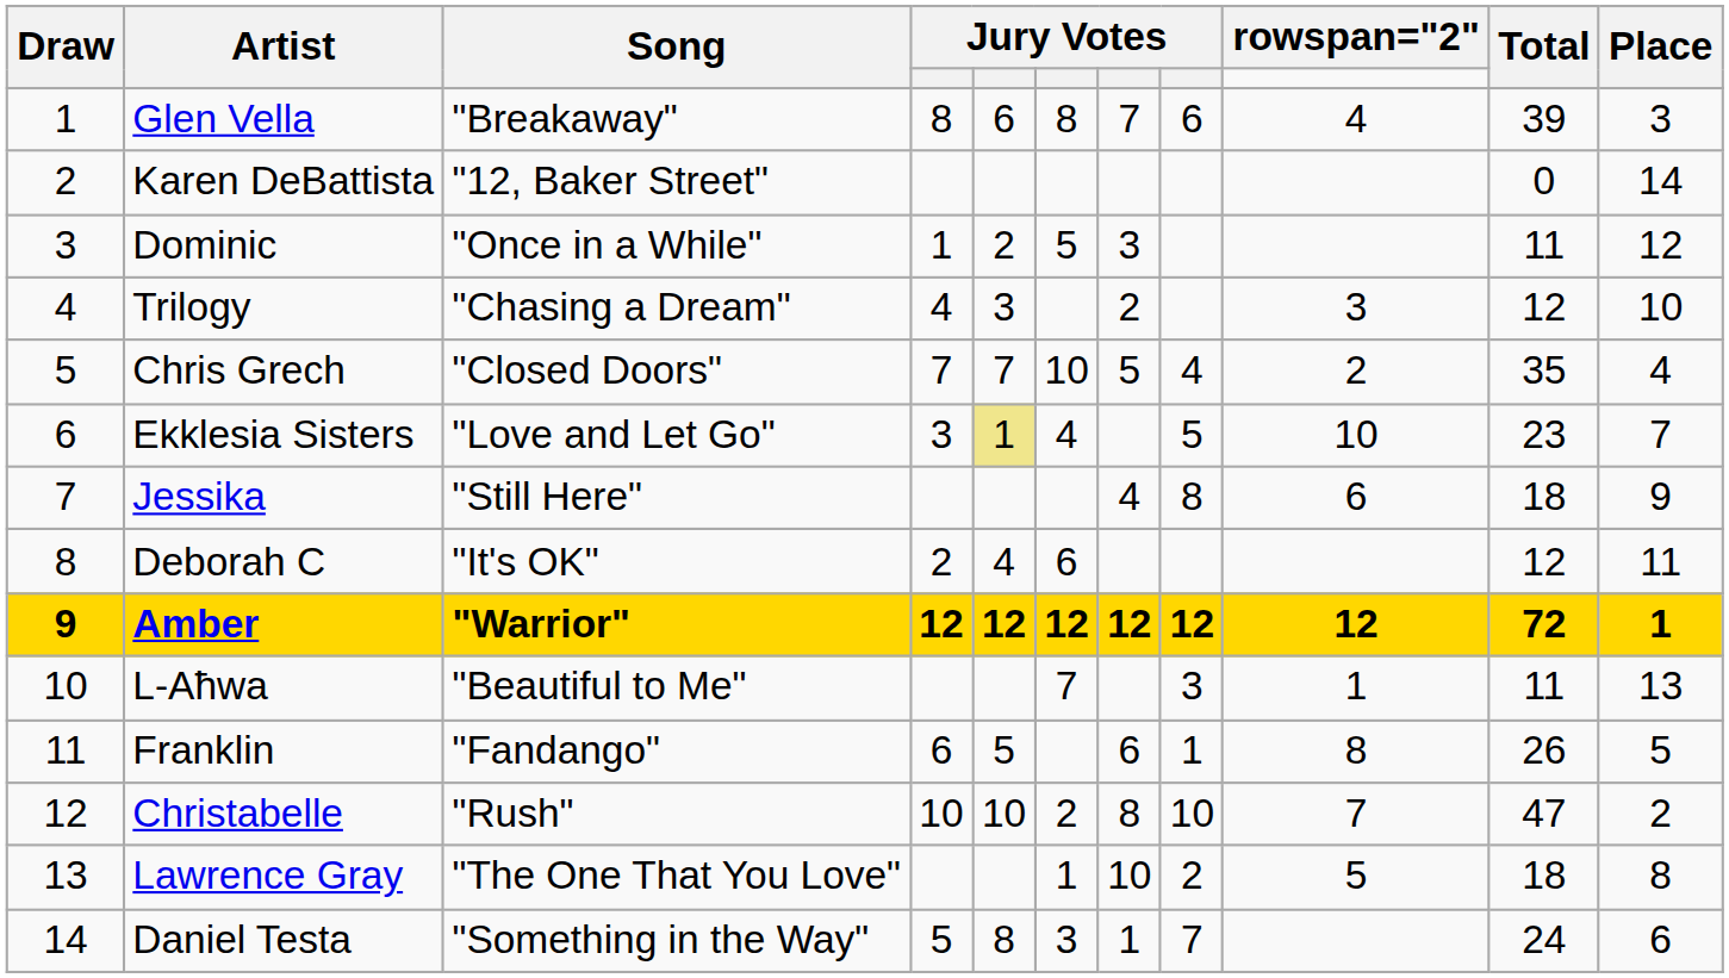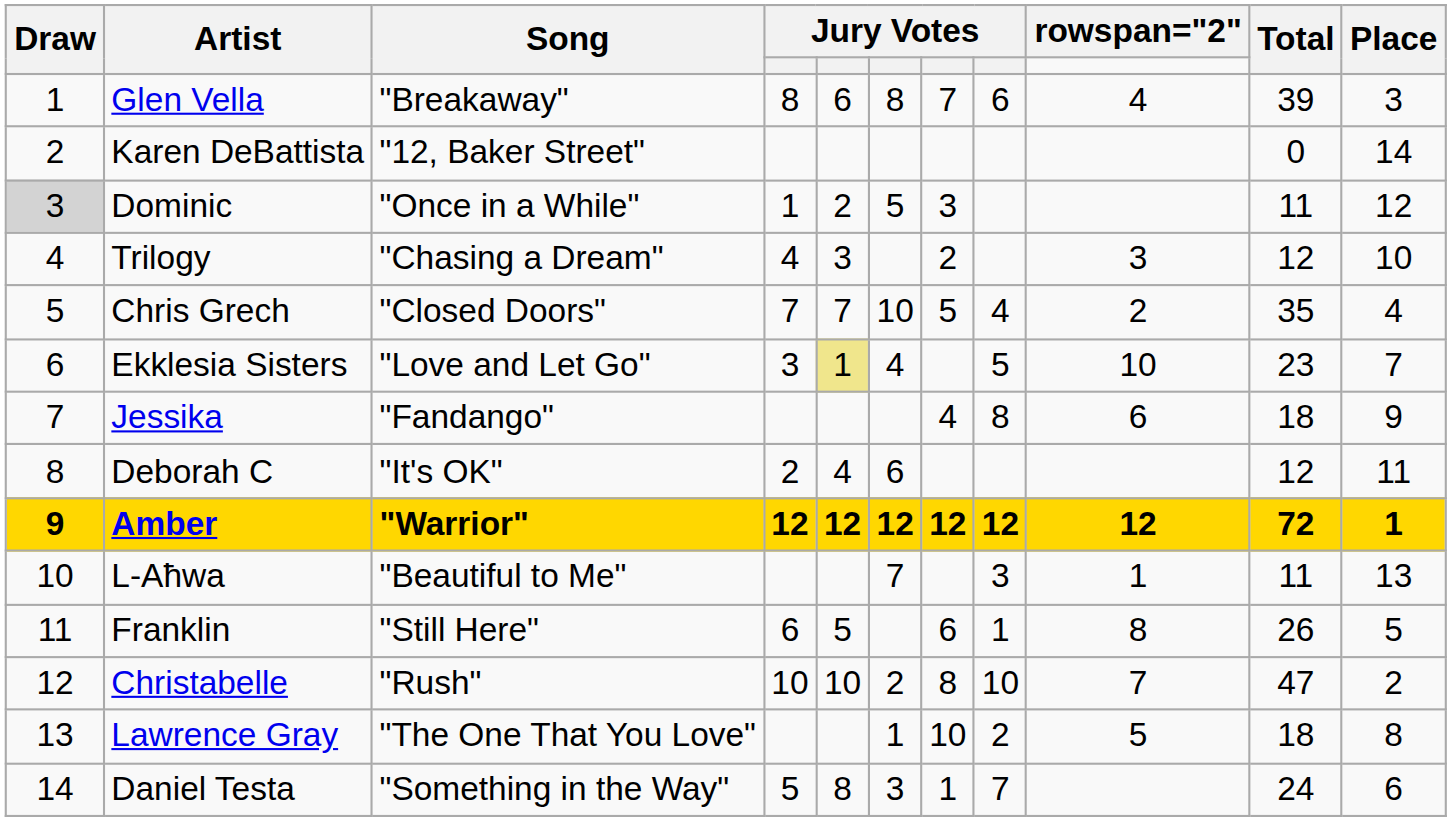 <table class="sortable wikitable" style="margin: 1em auto 1em auto; text-align:center">
 <tr>
 <th rowspan="2">Draw</th>
 <th rowspan="2">Artist</th>
 <th rowspan="2">Song</th>
 <th colspan="5">Jury Votes</th>
 <th>rowspan="2" </th>
 <th rowspan="2">Total</th>
 <th rowspan="2">Place</th>
 </tr>
 <tr>
 <th></th>
 <th></th>
 <th></th>
 <th></th>
 <th></th>
 </tr>
 <tr>
 <td>1</td>
 <td align="left"><a href='#'>Glen Vella</a></td>
 <td align="left">"Breakaway"</td>
 <td>8</td>
 <td>6</td>
 <td>8</td>
 <td>7</td>
 <td>6</td>
 <td>4</td>
 <td>39</td>
 <td>3</td>
 </tr>
 <tr>
 <td>2</td>
 <td align="left">Karen DeBattista</td>
 <td align="left">"12, Baker Street"</td>
 <td></td>
 <td></td>
 <td></td>
 <td></td>
 <td></td>
 <td></td>
 <td>0</td>
 <td>14</td>
 </tr>
 <tr>
-<td>3</td>
+<td style="background: lightgrey;">3</td>
 <td align="left">Dominic</td>
 <td align="left">"Once in a While"</td>
 <td>1</td>
 <td>2</td>
 <td>5</td>
 <td>3</td>
 <td></td>
 <td></td>
 <td>11</td>
 <td>12</td>
 </tr>
 <tr>
 <td>4</td>
 <td align="left">Trilogy</td>
 <td align="left">"Chasing a Dream"</td>
 <td>4</td>
 <td>3</td>
 <td></td>
 <td>2</td>
 <td></td>
 <td>3</td>
 <td>12</td>
 <td>10</td>
 </tr>
 <tr>
 <td>5</td>
 <td align="left">Chris Grech</td>
 <td align="left">"Closed Doors"</td>
 <td>7</td>
 <td>7</td>
 <td>10</td>
 <td>5</td>
 <td>4</td>
 <td>2</td>
 <td>35</td>
 <td>4</td>
 </tr>
 <tr>
 <td>6</td>
 <td align="left">Ekklesia Sisters</td>
 <td align="left">"Love and Let Go"</td>
 <td>3</td>
 <td style="background: khaki;">1</td>
 <td>4</td>
 <td></td>
 <td>5</td>
 <td>10</td>
 <td>23</td>
 <td>7</td>
 </tr>
 <tr>
 <td>7</td>
 <td align="left"><a href='#'>Jessika</a></td>
-<td align="left">"Still Here"</td>
+<td align="left">"Fandango"</td>
 <td></td>
 <td></td>
 <td></td>
 <td>4</td>
 <td>8</td>
 <td>6</td>
 <td>18</td>
 <td>9</td>
 </tr>
 <tr>
 <td>8</td>
 <td align="left">Deborah C</td>
 <td align="left">"It's OK"</td>
 <td>2</td>
 <td>4</td>
 <td>6</td>
 <td></td>
 <td></td>
 <td></td>
 <td>12</td>
 <td>11</td>
 </tr>
 <tr style="font-weight:bold; background:gold;">
 <td>9</td>
 <td align="left"><a href='#'>Amber</a></td>
 <td align="left">"Warrior"</td>
 <td><strong>12</strong></td>
 <td><strong>12</strong></td>
 <td><strong>12</strong></td>
 <td><strong>12</strong></td>
 <td><strong>12</strong></td>
 <td><strong>12</strong></td>
 <td>72</td>
 <td>1</td>
 </tr>
 <tr>
 <td>10</td>
 <td align="left">L-Aħwa</td>
 <td align="left">"Beautiful to Me"</td>
 <td></td>
 <td></td>
 <td>7</td>
 <td></td>
 <td>3</td>
 <td>1</td>
 <td>11</td>
 <td>13</td>
 </tr>
 <tr>
 <td>11</td>
 <td align="left">Franklin</td>
-<td align="left">"Fandango"</td>
+<td align="left">"Still Here"</td>
 <td>6</td>
 <td>5</td>
 <td></td>
 <td>6</td>
 <td>1</td>
 <td>8</td>
 <td>26</td>
 <td>5</td>
 </tr>
 <tr>
 <td>12</td>
 <td align="left"><a href='#'>Christabelle</a></td>
 <td align="left">"Rush"</td>
 <td>10</td>
 <td>10</td>
 <td>2</td>
 <td>8</td>
 <td>10</td>
 <td>7</td>
 <td>47</td>
 <td>2</td>
 </tr>
 <tr>
 <td>13</td>
 <td align="left"><a href='#'>Lawrence Gray</a></td>
 <td align="left">"The One That You Love"</td>
 <td></td>
 <td></td>
 <td>1</td>
 <td>10</td>
 <td>2</td>
 <td>5</td>
 <td>18</td>
 <td>8</td>
 </tr>
 <tr>
 <td>14</td>
 <td align="left">Daniel Testa</td>
 <td align="left">"Something in the Way"</td>
 <td>5</td>
 <td>8</td>
 <td>3</td>
 <td>1</td>
 <td>7</td>
 <td></td>
 <td>24</td>
 <td>6</td>
 </tr>
 </table>
